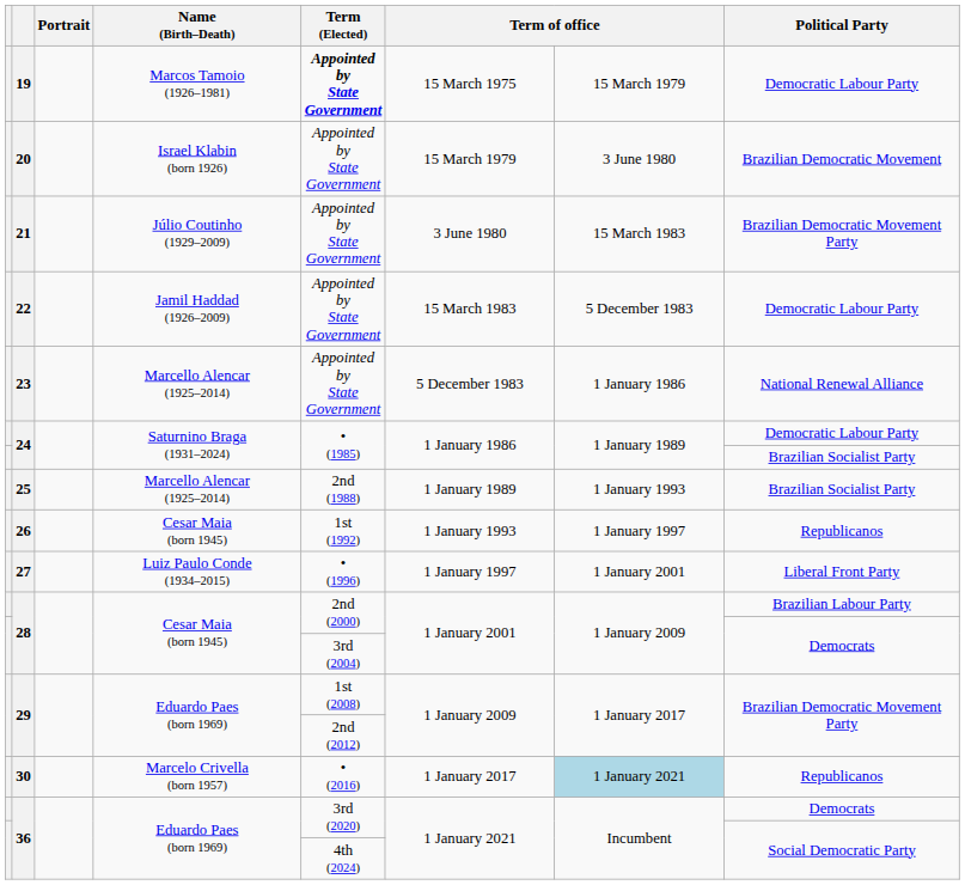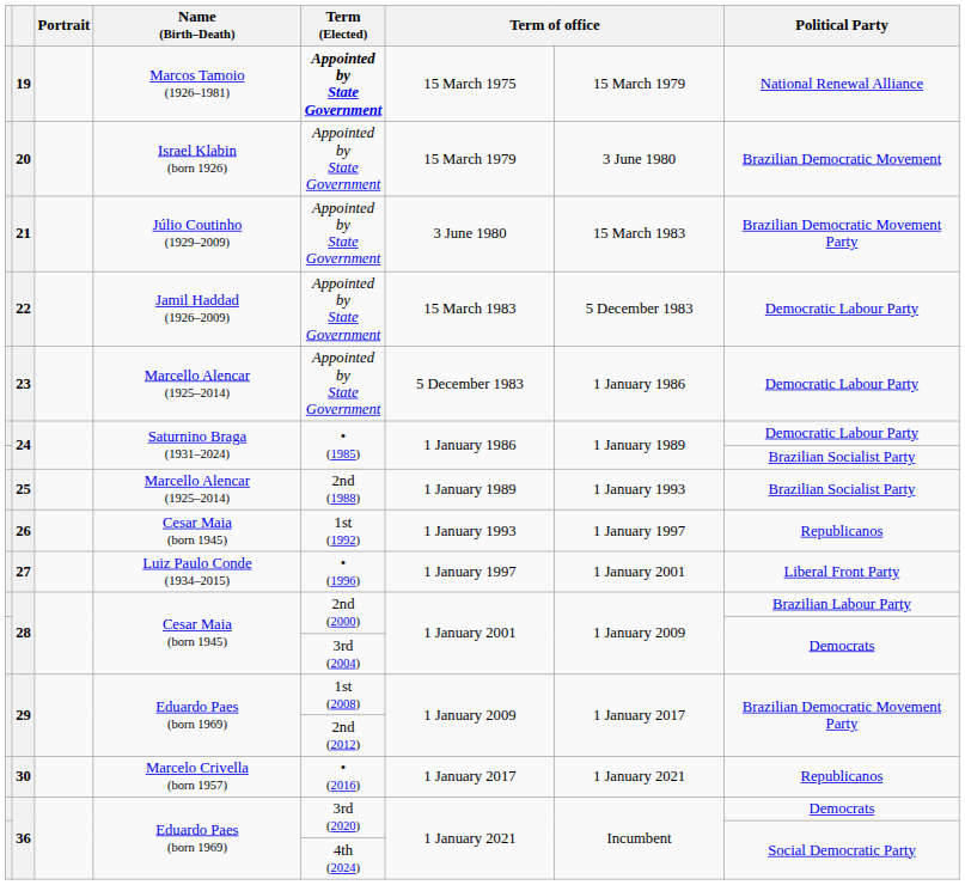 <table class="wikitable" style="width:80%; text-align:center;">
 <tr>
 <th></th>
 <th></th>
 <th width=70>Portrait</th>
 <th width=25%>Name<br><small>(Birth–Death)</small></th>
 <th width=7%>Term<br><small>(Elected)</small></th>
 <th colspan="2" width=40%>Term of office</th>
 <th width=30%>Political Party</th>
 </tr>
 <tr>
 <th style="background:"></th>
 <th>19</th>
 <td></td>
 <td><a href='#'>Marcos Tamoio</a><br><small>(1926–1981)</small></td>
 <td><strong><em>Appointed by<br><a href='#'>State Government</a></em></strong></td>
 <td>15 March 1975</td>
 <td>15 March 1979</td>
-<td><a href='#'>Democratic Labour Party</a></td>
+<td><a href='#'>National Renewal Alliance</a></td>
 </tr>
 <tr>
 <th style="background:"></th>
 <th>20</th>
 <td></td>
 <td><a href='#'>Israel Klabin</a><br><small>(born 1926)</small></td>
 <td><em>Appointed by<br><a href='#'>State Government</a></em></td>
 <td>15 March 1979</td>
 <td>3 June 1980</td>
 <td><a href='#'>Brazilian Democratic Movement</a></td>
 </tr>
 <tr>
 <th style="background:"></th>
 <th>21</th>
 <td></td>
 <td><a href='#'>Júlio Coutinho</a><br><small>(1929–2009)</small></td>
 <td><em>Appointed by<br><a href='#'>State Government</a></em></td>
 <td>3 June 1980</td>
 <td>15 March 1983</td>
 <td><a href='#'>Brazilian Democratic Movement Party</a></td>
 </tr>
 <tr>
 <th style="background:"></th>
 <th>22</th>
 <td></td>
 <td><a href='#'>Jamil Haddad</a><br><small>(1926–2009)</small></td>
 <td><em>Appointed by<br><a href='#'>State Government</a></em></td>
 <td>15 March 1983</td>
 <td>5 December 1983</td>
 <td><a href='#'>Democratic Labour Party</a></td>
 </tr>
 <tr>
 <th style="background:"></th>
 <th>23</th>
 <td></td>
 <td><a href='#'>Marcello Alencar</a><br><small>(1925–2014)</small></td>
 <td><em>Appointed by<br><a href='#'>State Government</a></em></td>
 <td>5 December 1983</td>
 <td>1 January 1986</td>
-<td><a href='#'>National Renewal Alliance</a></td>
+<td><a href='#'>Democratic Labour Party</a></td>
 </tr>
 <tr>
 <th style="background:"></th>
 <th rowspan="2">24</th>
 <td rowspan="2"></td>
 <td rowspan="2"><a href='#'>Saturnino Braga</a><br><small>(1931–2024)</small></td>
 <td rowspan="2">•<br><small>(<a href='#'>1985</a>)</small></td>
 <td rowspan="2">1 January 1986</td>
 <td rowspan="2">1 January 1989</td>
 <td><a href='#'>Democratic Labour Party</a></td>
 </tr>
 <tr>
 <th style="background:"></th>
 <td><a href='#'>Brazilian Socialist Party</a></td>
 </tr>
 <tr>
 <th style="background:"></th>
 <th>25</th>
 <td></td>
 <td><a href='#'>Marcello Alencar</a><br><small>(1925–2014)</small></td>
 <td>2nd<br><small>(<a href='#'>1988</a>)</small></td>
 <td>1 January 1989</td>
 <td>1 January 1993</td>
 <td><a href='#'>Brazilian Socialist Party</a></td>
 </tr>
 <tr>
 <th style="background:"></th>
 <th>26</th>
 <td></td>
 <td><a href='#'>Cesar Maia</a><br><small>(born 1945)</small></td>
 <td>1st<br><small>(<a href='#'>1992</a>)</small></td>
 <td>1 January 1993</td>
 <td>1 January 1997</td>
 <td><a href='#'>Republicanos</a></td>
 </tr>
 <tr>
 <th style="background:"></th>
 <th>27</th>
 <td></td>
 <td><a href='#'>Luiz Paulo Conde</a><br><small>(1934–2015)</small></td>
 <td>•<br><small>(<a href='#'>1996</a>)</small></td>
 <td>1 January 1997</td>
 <td>1 January 2001</td>
 <td><a href='#'>Liberal Front Party</a></td>
 </tr>
 <tr>
 <th style="background:"></th>
 <th rowspan="3">28</th>
 <td rowspan="3"></td>
 <td rowspan="3"><a href='#'>Cesar Maia</a><br><small>(born 1945)</small></td>
 <td rowspan="2">2nd<br><small>(<a href='#'>2000</a>)</small></td>
 <td rowspan="3">1 January 2001</td>
 <td rowspan="3">1 January 2009</td>
 <td><a href='#'>Brazilian Labour Party</a><br></td>
 </tr>
 <tr>
 <th rowspan=2 style="background:"></th>
 <td rowspan="2"><a href='#'>Democrats</a></td>
 </tr>
 <tr>
 <td>3rd<br><small>(<a href='#'>2004</a>)</small></td>
 </tr>
 <tr>
 <th rowspan=2 style="background:"></th>
 <th rowspan=2>29</th>
 <td rowspan=2></td>
 <td rowspan=2><a href='#'>Eduardo Paes</a><br><small>(born 1969)</small></td>
 <td>1st<br><small>(<a href='#'>2008</a>)</small></td>
 <td rowspan=2>1 January 2009</td>
 <td rowspan=2>1 January 2017</td>
 <td rowspan=2><a href='#'>Brazilian Democratic Movement Party</a></td>
 </tr>
 <tr>
 <td>2nd<br><small>(<a href='#'>2012</a>)</small></td>
 </tr>
 <tr>
 <th style="background:"></th>
 <th>30</th>
 <td></td>
 <td><a href='#'>Marcelo Crivella</a><br><small>(born 1957)</small></td>
 <td>•<br><small>(<a href='#'>2016</a>)</small></td>
 <td>1 January 2017</td>
-<td style="background: lightblue;">1 January 2021</td>
+<td>1 January 2021</td>
 <td><a href='#'>Republicanos</a></td>
 </tr>
 <tr>
 <th style="background:"></th>
 <th rowspan="3">36</th>
 <td rowspan="3"></td>
 <td rowspan="3"><a href='#'>Eduardo Paes</a><br><small>(born 1969)</small></td>
 <td rowspan="2">3rd<br><small>(<a href='#'>2020</a>)</small></td>
 <td rowspan="3">1 January 2021</td>
 <td rowspan="3">Incumbent</td>
 <td><a href='#'>Democrats</a></td>
 </tr>
 <tr>
 <th rowspan=2 style="background:"></th>
 <td rowspan="2"><a href='#'>Social Democratic Party</a></td>
 </tr>
 <tr>
 <td>4th<br><small>(<a href='#'>2024</a>)</small></td>
 </tr>
 </table>
